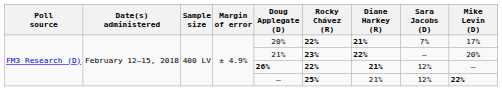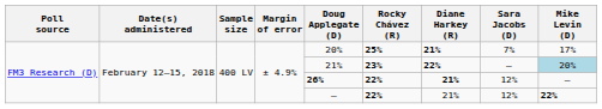 <table class="wikitable">
 <tr>
 <th>Poll<br>source</th>
 <th>Date(s)<br>administered</th>
 <th>Sample<br>size</th>
 <th>Margin<br>of error</th>
 <th style="width:75px">Doug<br>Applegate<br>(D)</th>
 <th style="width:75px">Rocky<br>Chávez<br>(R)</th>
 <th style="width:75px">Diane<br>Harkey<br>(R)</th>
 <th style="width:75px">Sara<br>Jacobs<br>(D)</th>
 <th style="width:75px">Mike<br>Levin<br>(D)</th>
 </tr>
 <tr>
 <td rowspan=4><a href='#'>FM3 Research (D)</a></td>
 <td rowspan=4; style="text-align:center">February 12–15, 2018</td>
 <td rowspan=4; style="text-align:center">400 LV</td>
 <td rowspan=4; style="text-align:center">± 4.9%</td>
 <td style="text-align:center">20%</td>
-<td style="background-color:"><strong>22%</strong></td>
+<td style="background-color:"><strong>25%</strong></td>
 <td style="background-color:"><strong>21%</strong></td>
 <td style="text-align:center">7%</td>
 <td style="text-align:center">17%</td>
 </tr>
 <tr>
 <td style="text-align:center">21%</td>
 <td style="background-color:"><strong>23%</strong></td>
 <td style="background-color:"><strong>22%</strong></td>
 <td style="text-align:center">—</td>
-<td style="text-align:center">20%</td>
+<td style="background: lightblue; text-align:center">20%</td>
 </tr>
 <tr>
 <td style="background-color:"><strong>26%</strong></td>
 <td style="background-color:"><strong>22%</strong></td>
 <td style="text-align:center"><strong>21%</strong></td>
 <td style="text-align:center">12%</td>
 <td style="text-align:center">—</td>
 </tr>
 <tr>
 <td style="text-align:center">—</td>
-<td style="background-color:"><strong>25%</strong></td>
+<td style="background-color:"><strong>22%</strong></td>
 <td style="text-align:center">21%</td>
 <td style="text-align:center">12%</td>
 <td style="background-color:"><strong>22%</strong></td>
 </tr>
 </table>
